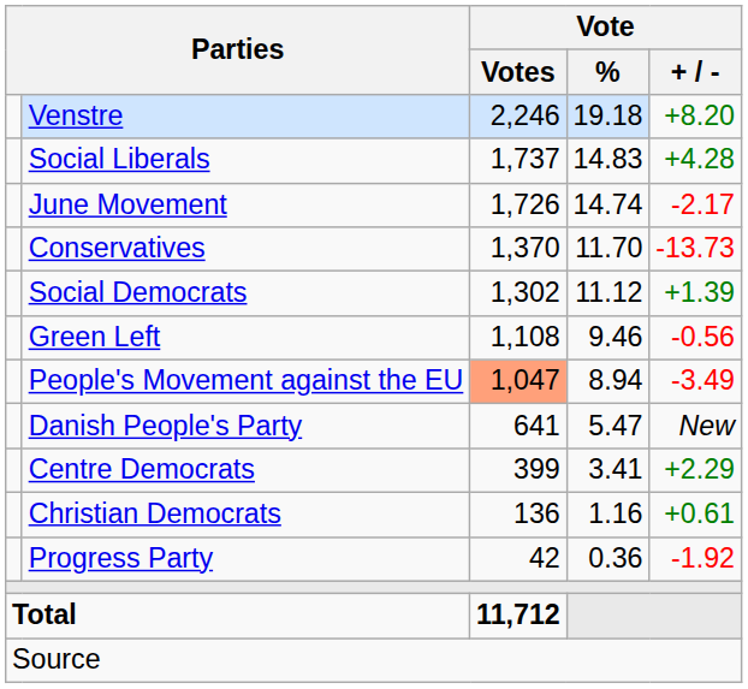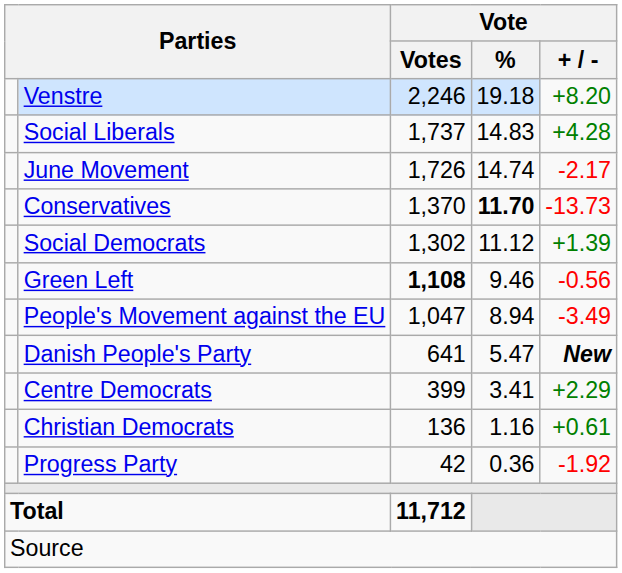 <table class="wikitable" style="text-align:right;">
 <tr>
 <th style="text-align:centre;" rowspan="2" colspan="2" width="225">Parties</th>
 <th colspan="3">Vote</th>
 </tr>
 <tr>
 <th width="15">Votes</th>
 <th width="15">%</th>
 <th width="15">+ / -</th>
 </tr>
 <tr>
 <td width="2" style="color:inherit;background:"></td>
 <td bgcolor=#cfe5fe   align="left"><a href='#'>Venstre</a></td>
 <td bgcolor=#cfe5fe>2,246</td>
 <td bgcolor=#cfe5fe>19.18</td>
 <td style=color:green;>+8.20</td>
 </tr>
 <tr>
 <td width="2" style="color:inherit;background:"></td>
 <td align="left"><a href='#'>Social Liberals</a></td>
 <td>1,737</td>
 <td>14.83</td>
 <td style=color:green;>+4.28</td>
 </tr>
 <tr>
 <td width="2" style="color:inherit;background:"></td>
 <td align="left"><a href='#'>June Movement</a></td>
 <td>1,726</td>
 <td>14.74</td>
 <td style=color:red;>-2.17</td>
 </tr>
 <tr>
 <td width="2" style="color:inherit;background:"></td>
 <td align="left"><a href='#'>Conservatives</a></td>
 <td>1,370</td>
-<td>11.70</td>
+<td><strong>11.70</strong></td>
 <td style=color:red;>-13.73</td>
 </tr>
 <tr>
 <td width="2" style="color:inherit;background:"></td>
 <td align="left"><a href='#'>Social Democrats</a></td>
 <td>1,302</td>
 <td>11.12</td>
 <td style=color:green;>+1.39</td>
 </tr>
 <tr>
 <td width="2" style="color:inherit;background:"></td>
 <td align="left"><a href='#'>Green Left</a></td>
-<td>1,108</td>
+<td><strong>1,108</strong></td>
 <td>9.46</td>
 <td style=color:red;>-0.56</td>
 </tr>
 <tr>
 <td width="2" style="color:inherit;background:"></td>
 <td align="left"><a href='#'>People's Movement against the EU</a></td>
-<td style="background: lightsalmon;">1,047</td>
+<td>1,047</td>
 <td>8.94</td>
 <td style=color:red;>-3.49</td>
 </tr>
 <tr>
 <td width="2" style="color:inherit;background:"></td>
 <td align="left"><a href='#'>Danish People's Party</a></td>
 <td>641</td>
 <td>5.47</td>
-<td><em>New</em></td>
+<td><strong><em>New</em></strong></td>
 </tr>
 <tr>
 <td width="2" style="color:inherit;background:"></td>
 <td align="left"><a href='#'>Centre Democrats</a></td>
 <td>399</td>
 <td>3.41</td>
 <td style=color:green;>+2.29</td>
 </tr>
 <tr>
 <td width="2" style="color:inherit;background:"></td>
 <td align="left"><a href='#'>Christian Democrats</a></td>
 <td>136</td>
 <td>1.16</td>
 <td style=color:green;>+0.61</td>
 </tr>
 <tr>
 <td width="2" style="color:inherit;background:"></td>
 <td align="left"><a href='#'>Progress Party</a></td>
 <td>42</td>
 <td>0.36</td>
 <td style=color:red;>-1.92</td>
 </tr>
 <tr>
 <td colspan="7" bgcolor="#E9E9E9"></td>
 </tr>
 <tr>
 <td align="left" colspan="2"><strong>Total</strong></td>
 <td><strong>11,712</strong></td>
 <td bgcolor="#E9E9E9" colspan="2"></td>
 </tr>
 <tr>
 <td align="left" colspan="6">Source</td>
 </tr>
 </table>
